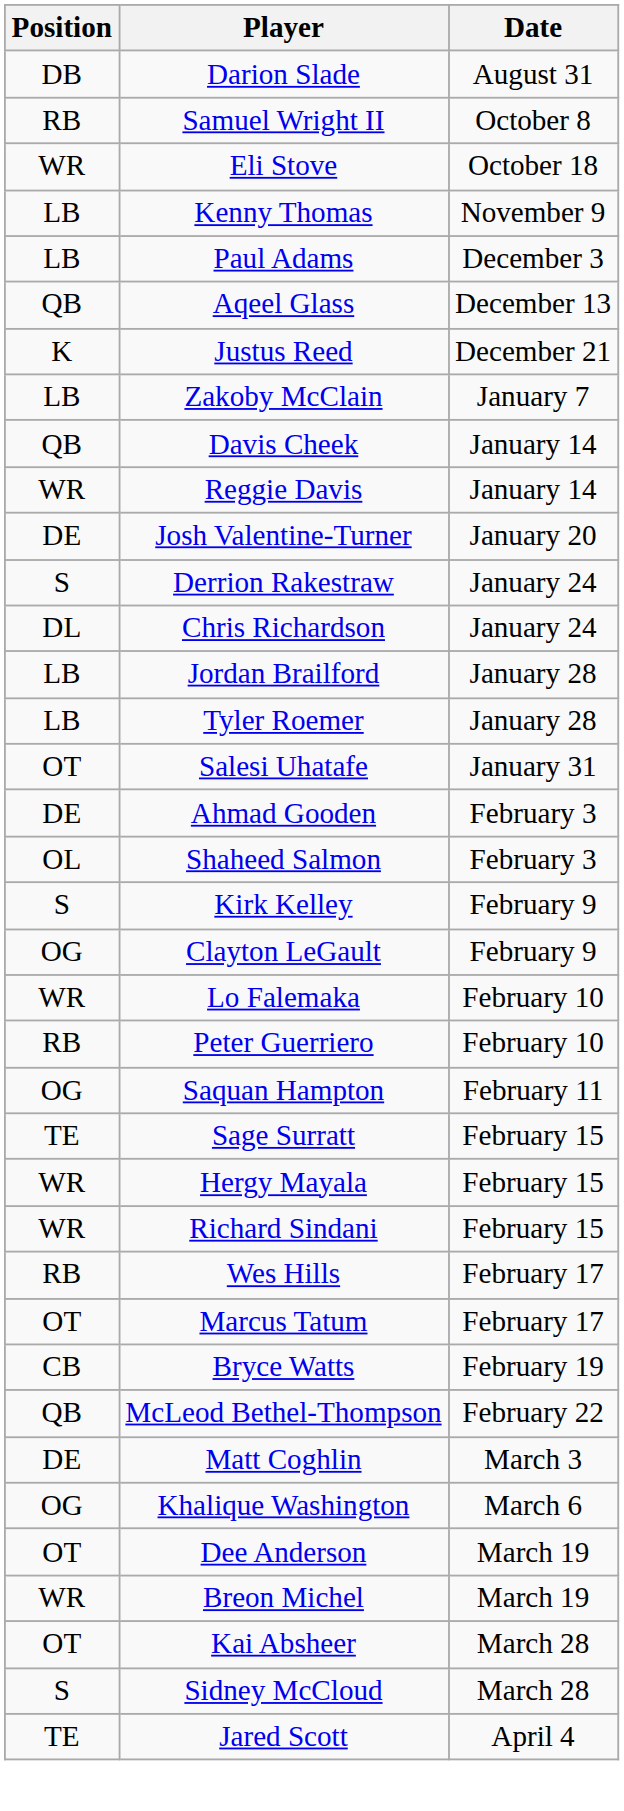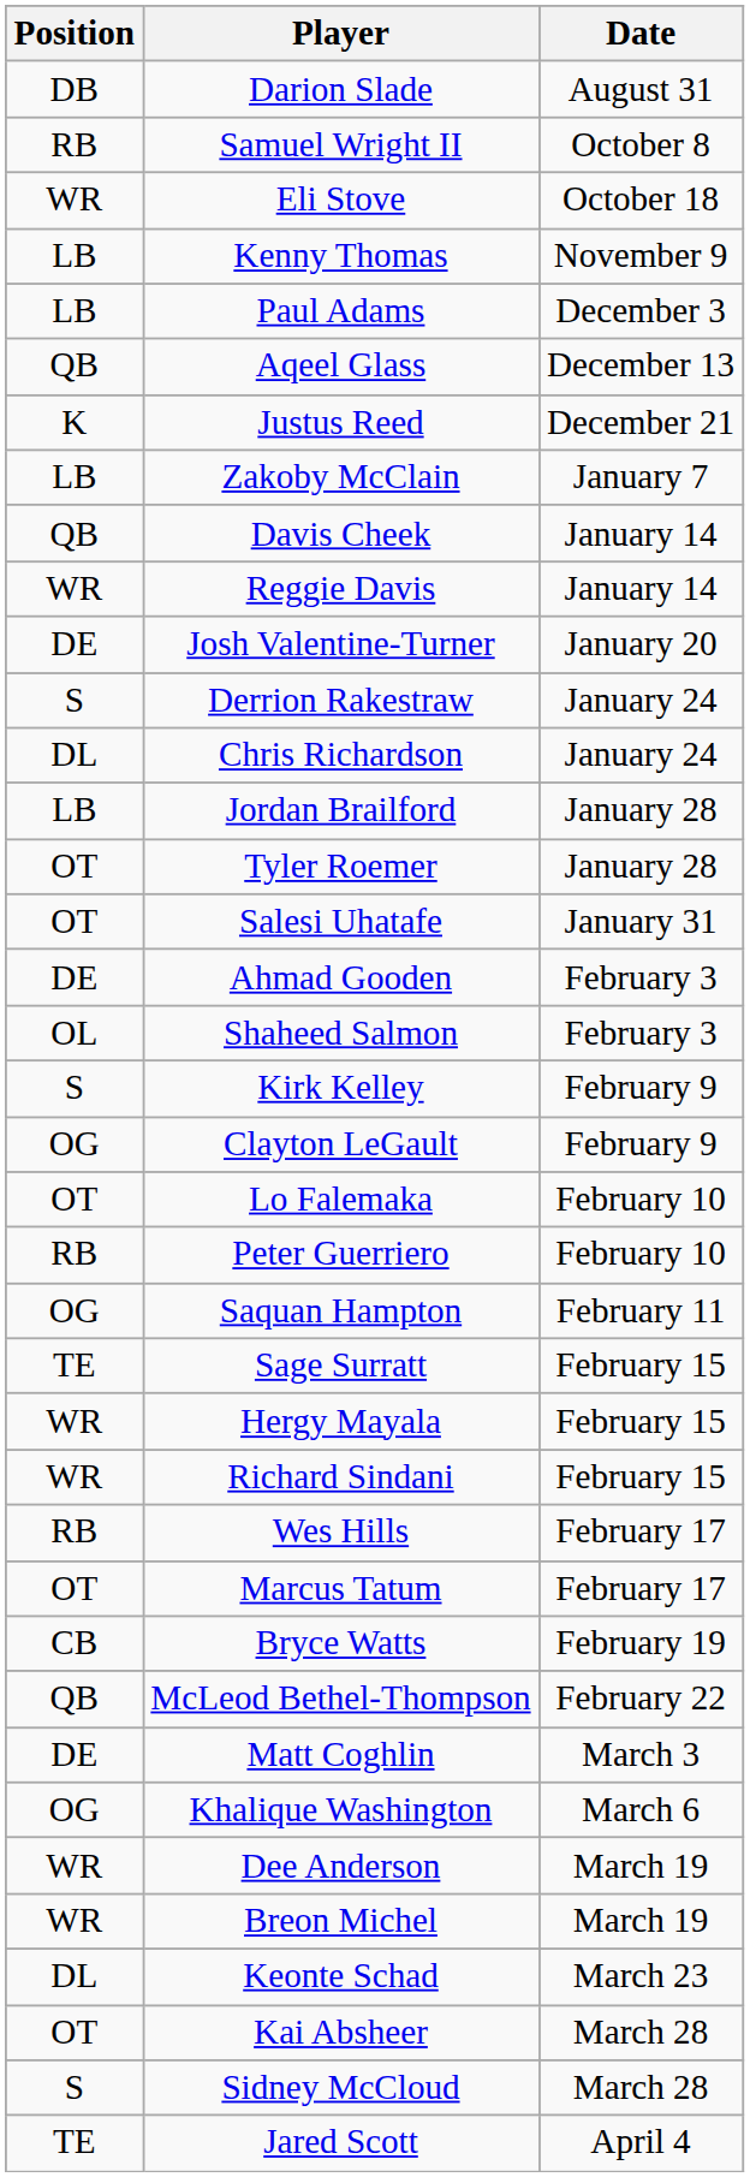 <table class="wikitable" style="text-align:center">
 <tr>
 <th>Position</th>
 <th>Player</th>
 <th>Date</th>
 </tr>
 <tr>
 <td>DB</td>
 <td><a href='#'>Darion Slade</a></td>
 <td>August 31</td>
 </tr>
 <tr>
 <td>RB</td>
 <td><a href='#'>Samuel Wright II</a></td>
 <td>October 8</td>
 </tr>
 <tr>
 <td>WR</td>
 <td><a href='#'>Eli Stove</a></td>
 <td>October 18</td>
 </tr>
 <tr>
 <td>LB</td>
 <td><a href='#'>Kenny Thomas</a></td>
 <td>November 9</td>
 </tr>
 <tr>
 <td>LB</td>
 <td><a href='#'>Paul Adams</a></td>
 <td>December 3</td>
 </tr>
 <tr>
 <td>QB</td>
 <td><a href='#'>Aqeel Glass</a></td>
 <td>December 13</td>
 </tr>
 <tr>
 <td>K</td>
 <td><a href='#'>Justus Reed</a></td>
 <td>December 21</td>
 </tr>
 <tr>
 <td>LB</td>
 <td><a href='#'>Zakoby McClain</a></td>
 <td>January 7</td>
 </tr>
 <tr>
 <td>QB</td>
 <td><a href='#'>Davis Cheek</a></td>
 <td>January 14</td>
 </tr>
 <tr>
 <td>WR</td>
 <td><a href='#'>Reggie Davis</a></td>
 <td>January 14</td>
 </tr>
 <tr>
 <td>DE</td>
 <td><a href='#'>Josh Valentine-Turner</a></td>
 <td>January 20</td>
 </tr>
 <tr>
 <td>S</td>
 <td><a href='#'>Derrion Rakestraw</a></td>
 <td>January 24</td>
 </tr>
 <tr>
 <td>DL</td>
 <td><a href='#'>Chris Richardson</a></td>
 <td>January 24</td>
 </tr>
 <tr>
 <td>LB</td>
 <td><a href='#'>Jordan Brailford</a></td>
 <td>January 28</td>
 </tr>
 <tr>
-<td>LB</td>
+<td>OT</td>
 <td><a href='#'>Tyler Roemer</a></td>
 <td>January 28</td>
 </tr>
 <tr>
 <td>OT</td>
 <td><a href='#'>Salesi Uhatafe</a></td>
 <td>January 31</td>
 </tr>
 <tr>
 <td>DE</td>
 <td><a href='#'>Ahmad Gooden</a></td>
 <td>February 3</td>
 </tr>
 <tr>
 <td>OL</td>
 <td><a href='#'>Shaheed Salmon</a></td>
 <td>February 3</td>
 </tr>
 <tr>
 <td>S</td>
 <td><a href='#'>Kirk Kelley</a></td>
 <td>February 9</td>
 </tr>
 <tr>
 <td>OG</td>
 <td><a href='#'>Clayton LeGault</a></td>
 <td>February 9</td>
 </tr>
 <tr>
-<td>WR</td>
+<td>OT</td>
 <td><a href='#'>Lo Falemaka</a></td>
 <td>February 10</td>
 </tr>
 <tr>
 <td>RB</td>
 <td><a href='#'>Peter Guerriero</a></td>
 <td>February 10</td>
 </tr>
 <tr>
 <td>OG</td>
 <td><a href='#'>Saquan Hampton</a></td>
 <td>February 11</td>
 </tr>
 <tr>
 <td>TE</td>
 <td><a href='#'>Sage Surratt</a></td>
 <td>February 15</td>
 </tr>
 <tr>
 <td>WR</td>
 <td><a href='#'>Hergy Mayala</a></td>
 <td>February 15</td>
 </tr>
 <tr>
 <td>WR</td>
 <td><a href='#'>Richard Sindani</a></td>
 <td>February 15</td>
 </tr>
 <tr>
 <td>RB</td>
 <td><a href='#'>Wes Hills</a></td>
 <td>February 17</td>
 </tr>
 <tr>
 <td>OT</td>
 <td><a href='#'>Marcus Tatum</a></td>
 <td>February 17</td>
 </tr>
 <tr>
 <td>CB</td>
 <td><a href='#'>Bryce Watts</a></td>
 <td>February 19</td>
 </tr>
 <tr>
 <td>QB</td>
 <td><a href='#'>McLeod Bethel-Thompson</a></td>
 <td>February 22</td>
 </tr>
 <tr>
 <td>DE</td>
 <td><a href='#'>Matt Coghlin</a></td>
 <td>March 3</td>
 </tr>
 <tr>
 <td>OG</td>
 <td><a href='#'>Khalique Washington</a></td>
 <td>March 6</td>
 </tr>
 <tr>
-<td>OT</td>
+<td>WR</td>
 <td><a href='#'>Dee Anderson</a></td>
 <td>March 19</td>
 </tr>
 <tr>
 <td>WR</td>
 <td><a href='#'>Breon Michel</a></td>
 <td>March 19</td>
+</tr>
+<tr>
+<td>DL</td>
+<td><a href='#'>Keonte Schad</a></td>
+<td>March 23</td>
 </tr>
 <tr>
 <td>OT</td>
 <td><a href='#'>Kai Absheer</a></td>
 <td>March 28</td>
 </tr>
 <tr>
 <td>S</td>
 <td><a href='#'>Sidney McCloud</a></td>
 <td>March 28</td>
 </tr>
 <tr>
 <td>TE</td>
 <td><a href='#'>Jared Scott</a></td>
 <td>April 4</td>
 </tr>
 </table>
